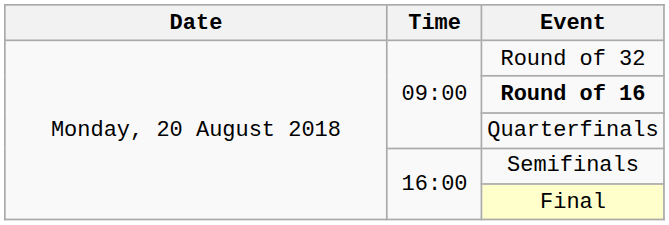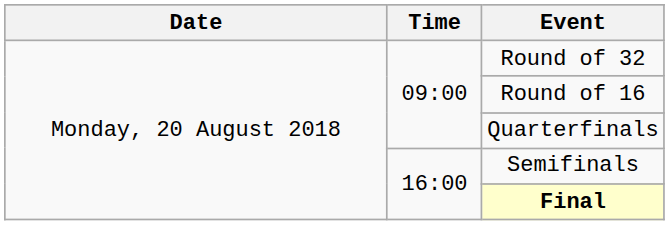 <table class = "wikitable" style="text-align:center;">
 <tr>
 <th width=220>Date</th>
 <th width=50>Time</th>
 <th width=100>Event</th>
 </tr>
 <tr>
 <td rowspan=5>Monday, 20 August 2018</td>
 <td rowspan=3>09:00</td>
 <td>Round of 32</td>
 </tr>
 <tr>
-<td><strong>Round of 16</strong></td>
+<td>Round of 16</td>
 </tr>
 <tr>
 <td>Quarterfinals</td>
 </tr>
 <tr>
 <td rowspan=2>16:00</td>
 <td>Semifinals</td>
 </tr>
 <tr>
-<td bgcolor=ffffcc>Final</td>
+<td bgcolor=ffffcc><strong>Final</strong></td>
 </tr>
 </table>
